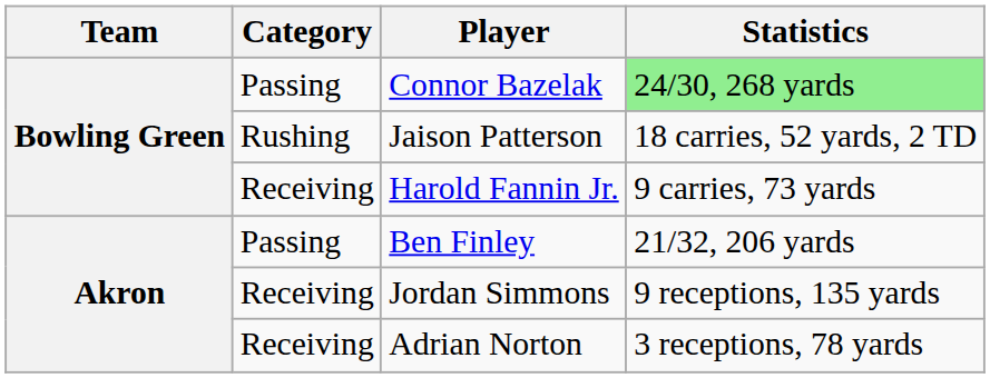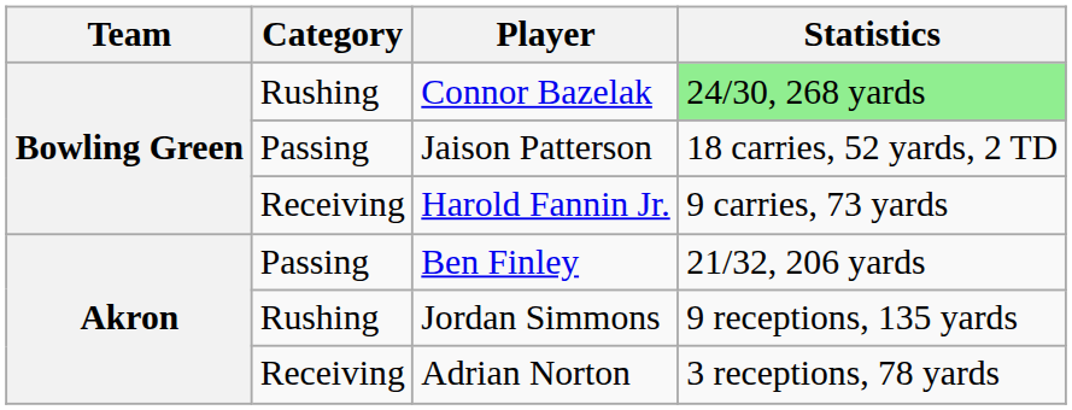 <table class="wikitable" style="float:right">
 <tr>
 <th>Team</th>
 <th>Category</th>
 <th>Player</th>
 <th>Statistics</th>
 </tr>
 <tr>
 <th rowspan=3>Bowling Green</th>
-<td>Passing</td>
+<td>Rushing</td>
 <td><a href='#'>Connor Bazelak</a></td>
 <td style="background: lightgreen;">24/30, 268 yards</td>
 </tr>
 <tr>
-<td>Rushing</td>
+<td>Passing</td>
 <td>Jaison Patterson</td>
 <td>18 carries, 52 yards, 2 TD</td>
 </tr>
 <tr>
 <td>Receiving</td>
 <td><a href='#'>Harold Fannin Jr.</a></td>
 <td>9 carries, 73 yards</td>
 </tr>
 <tr>
 <th rowspan=3>Akron</th>
 <td>Passing</td>
 <td><a href='#'>Ben Finley</a></td>
 <td>21/32, 206 yards</td>
 </tr>
 <tr>
-<td>Receiving</td>
+<td>Rushing</td>
 <td>Jordan Simmons</td>
 <td>9 receptions, 135 yards</td>
 </tr>
 <tr>
 <td>Receiving</td>
 <td>Adrian Norton</td>
 <td>3 receptions, 78 yards</td>
 </tr>
 </table>
